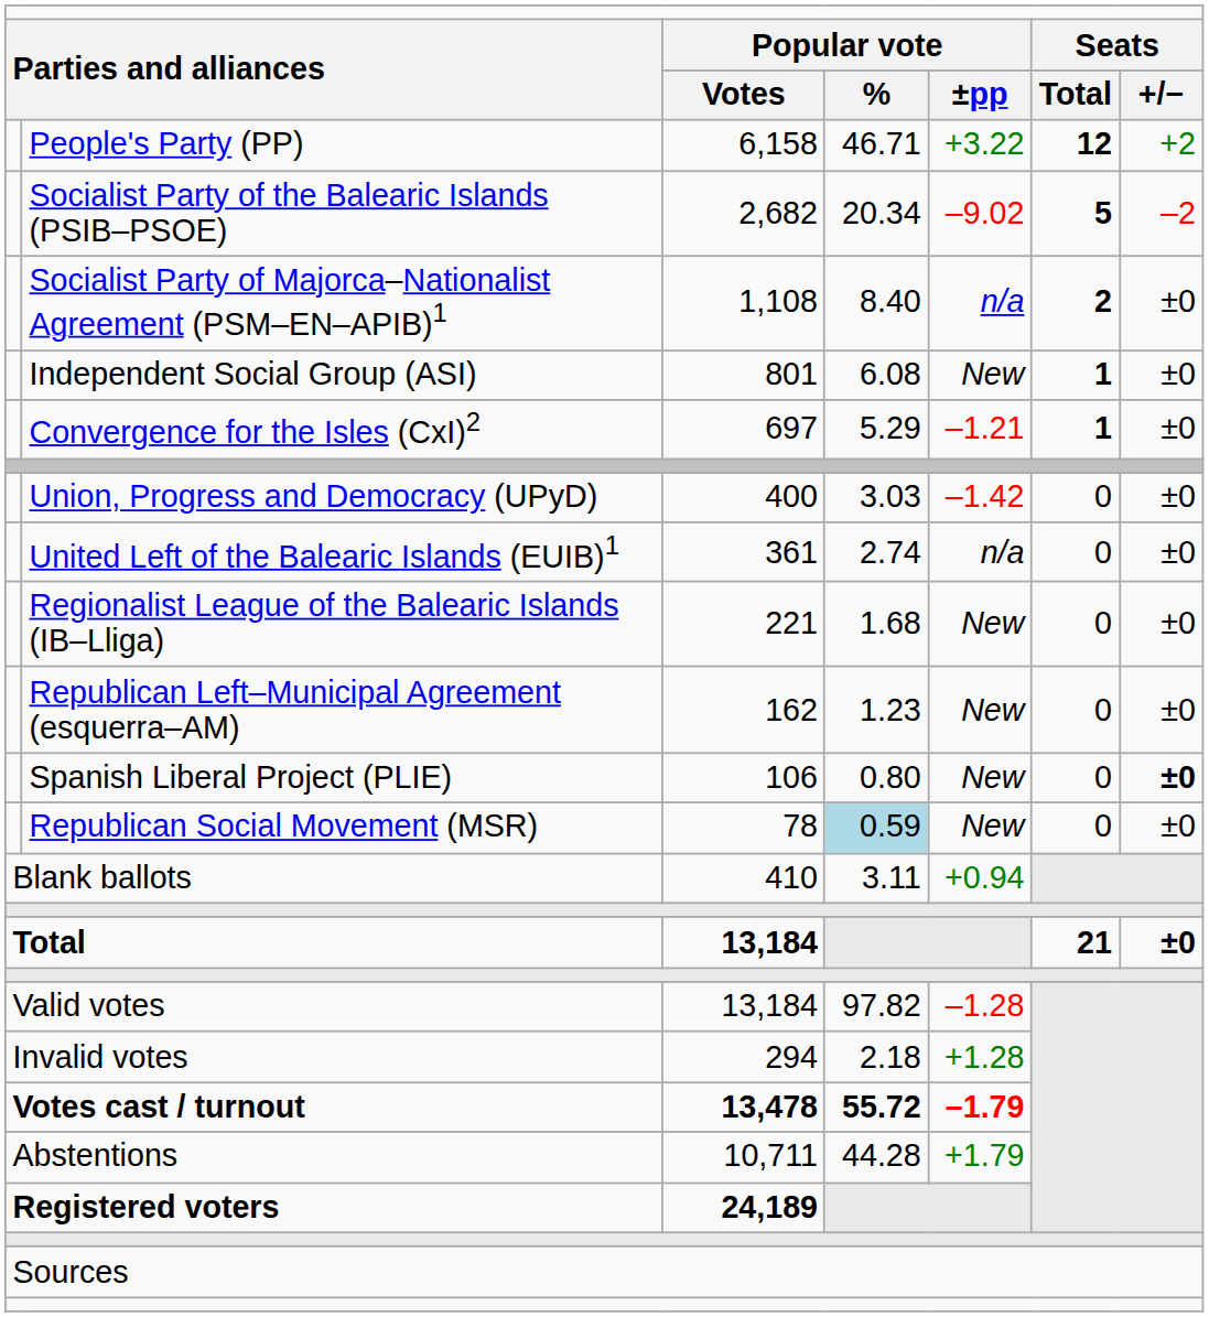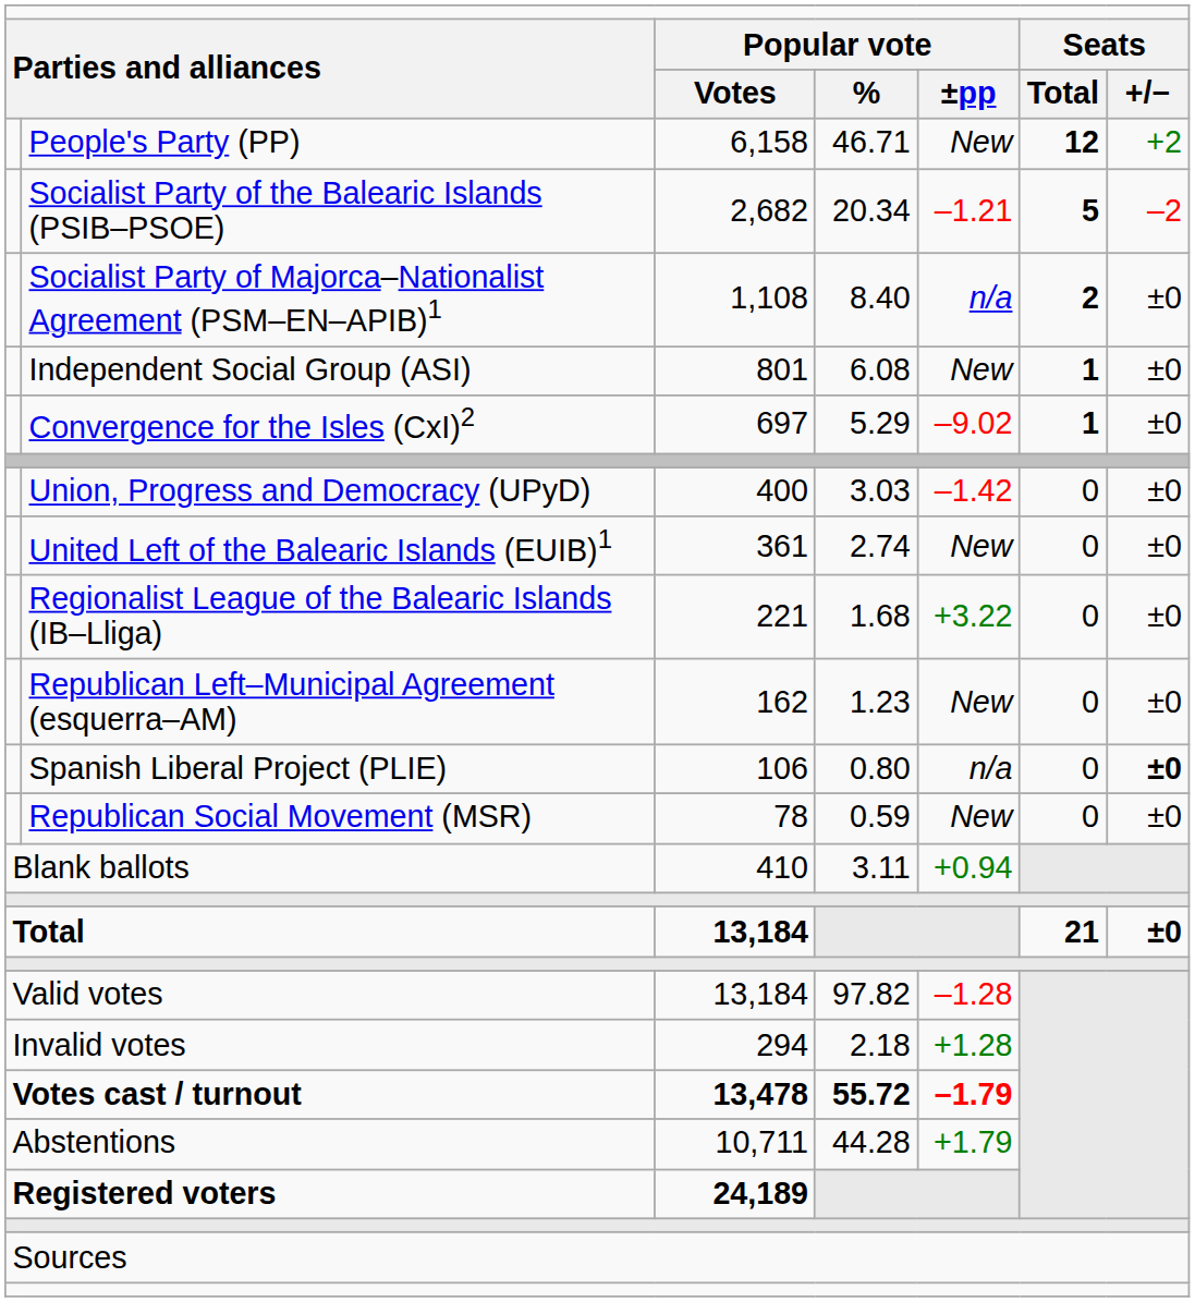 <table class="wikitable" style="text-align:right;">
 <tr>
 <td colspan="7"></td>
 </tr>
 <tr>
 <th style="text-align:left;" rowspan="2" colspan="2" width="525">Parties and alliances</th>
 <th colspan="3">Popular vote</th>
 <th colspan="2">Seats</th>
 </tr>
 <tr>
 <th width="75">Votes</th>
 <th width="45">%</th>
 <th width="45">±<a href='#'>pp</a></th>
 <th width="35">Total</th>
 <th width="35">+/−</th>
 </tr>
 <tr>
 <td width="1" style="color:inherit;background:"></td>
 <td align="left"><a href='#'>People's Party</a> (PP)</td>
 <td>6,158</td>
 <td>46.71</td>
-<td style="color:green;">+3.22</td>
+<td><em>New</em></td>
 <td><strong>12</strong></td>
 <td style="color:green;">+2</td>
 </tr>
 <tr>
 <td style="color:inherit;background:"></td>
 <td align="left"><a href='#'>Socialist Party of the Balearic Islands</a> (PSIB–PSOE)</td>
 <td>2,682</td>
 <td>20.34</td>
-<td style="color:red;">–9.02</td>
+<td style="color:red;">–1.21</td>
 <td><strong>5</strong></td>
 <td style="color:red;">–2</td>
 </tr>
 <tr>
 <td style="color:inherit;background:"></td>
 <td align="left"><a href='#'>Socialist Party of Majorca</a>–<a href='#'>Nationalist Agreement</a> (PSM–EN–APIB)<sup>1</sup></td>
 <td>1,108</td>
 <td>8.40</td>
 <td><em><a href='#'>n/a</a></em></td>
 <td><strong>2</strong></td>
 <td>±0</td>
 </tr>
 <tr>
 <td style="color:inherit;background:"></td>
 <td align="left">Independent Social Group (ASI)</td>
 <td>801</td>
 <td>6.08</td>
 <td><em>New</em></td>
 <td><strong>1</strong></td>
 <td>±0</td>
 </tr>
 <tr>
 <td style="color:inherit;background:"></td>
 <td align="left"><a href='#'>Convergence for the Isles</a> (CxI)<sup>2</sup></td>
 <td>697</td>
 <td>5.29</td>
-<td style="color:red;">–1.21</td>
+<td style="color:red;">–9.02</td>
 <td><strong>1</strong></td>
 <td>±0</td>
 </tr>
 <tr>
 <td colspan="7" style="color:inherit;background:#C0C0C0"></td>
 </tr>
 <tr>
 <td style="color:inherit;background:"></td>
 <td align="left"><a href='#'>Union, Progress and Democracy</a> (UPyD)</td>
 <td>400</td>
 <td>3.03</td>
 <td style="color:red;">–1.42</td>
 <td>0</td>
 <td>±0</td>
 </tr>
 <tr>
 <td style="color:inherit;background:"></td>
 <td align="left"><a href='#'>United Left of the Balearic Islands</a> (EUIB)<sup>1</sup></td>
 <td>361</td>
 <td>2.74</td>
-<td><em>n/a</em></td>
+<td><em>New</em></td>
 <td>0</td>
 <td>±0</td>
 </tr>
 <tr>
 <td style="color:inherit;background:"></td>
 <td align="left"><a href='#'>Regionalist League of the Balearic Islands</a> (IB–Lliga)</td>
 <td>221</td>
 <td>1.68</td>
-<td><em>New</em></td>
+<td style="color:green;">+3.22</td>
 <td>0</td>
 <td>±0</td>
 </tr>
 <tr>
 <td style="color:inherit;background:"></td>
 <td align="left"><a href='#'>Republican Left–Municipal Agreement</a> (esquerra–AM)</td>
 <td>162</td>
 <td>1.23</td>
 <td><em>New</em></td>
 <td>0</td>
 <td>±0</td>
 </tr>
 <tr>
 <td style="color:inherit;background:"></td>
 <td align="left">Spanish Liberal Project (PLIE)</td>
 <td>106</td>
 <td>0.80</td>
-<td><em>New</em></td>
+<td><em>n/a</em></td>
 <td>0</td>
 <td><strong>±0</strong></td>
 </tr>
 <tr>
 <td style="color:inherit;background:"></td>
 <td align="left"><a href='#'>Republican Social Movement</a> (MSR)</td>
 <td>78</td>
-<td style="background: lightblue;">0.59</td>
+<td>0.59</td>
 <td><em>New</em></td>
 <td>0</td>
 <td>±0</td>
 </tr>
 <tr>
 <td align="left" colspan="2">Blank ballots</td>
 <td>410</td>
 <td>3.11</td>
 <td style="color:green;">+0.94</td>
 <td style="color:inherit;background:#E9E9E9" colspan="2"></td>
 </tr>
 <tr>
 <td colspan="7" style="color:inherit;background:#E9E9E9"></td>
 </tr>
 <tr style="font-weight:bold;">
 <td align="left" colspan="2">Total</td>
 <td>13,184</td>
 <td bgcolor="#E9E9E9" colspan="2"></td>
 <td>21</td>
 <td>±0</td>
 </tr>
 <tr>
 <td colspan="7" style="color:inherit;background:#E9E9E9"></td>
 </tr>
 <tr>
 <td align="left" colspan="2">Valid votes</td>
 <td>13,184</td>
 <td>97.82</td>
 <td style="color:red;">–1.28</td>
 <td bgcolor="#E9E9E9" colspan="2" rowspan="5"></td>
 </tr>
 <tr>
 <td align="left" colspan="2">Invalid votes</td>
 <td>294</td>
 <td>2.18</td>
 <td style="color:green;">+1.28</td>
 </tr>
 <tr style="font-weight:bold;">
 <td align="left" colspan="2">Votes cast / turnout</td>
 <td>13,478</td>
 <td>55.72</td>
 <td style="color:red;">–1.79</td>
 </tr>
 <tr>
 <td align="left" colspan="2">Abstentions</td>
 <td>10,711</td>
 <td>44.28</td>
 <td style="color:green;">+1.79</td>
 </tr>
 <tr style="font-weight:bold;">
 <td align="left" colspan="2">Registered voters</td>
 <td>24,189</td>
 <td bgcolor="#E9E9E9" colspan="2"></td>
 </tr>
 <tr>
 <td colspan="7" style="color:inherit;background:#E9E9E9"></td>
 </tr>
 <tr>
 <td align="left" colspan="7">Sources</td>
 </tr>
 <tr>
 <td colspan="7" style="text-align:left; max-width:790px;"></td>
 </tr>
 </table>
